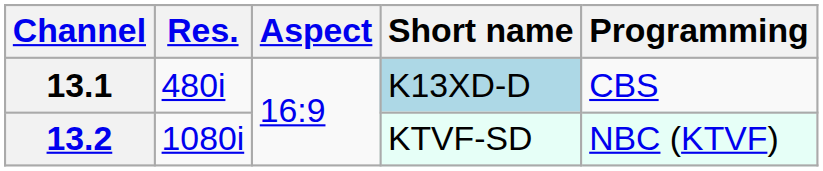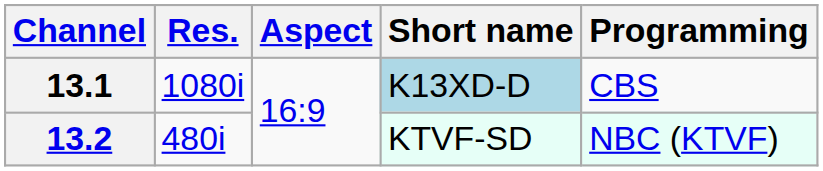 <table class="wikitable">
 <tr>
 <th><a href='#'>Channel</a></th>
 <th><a href='#'>Res.</a></th>
 <th><a href='#'>Aspect</a></th>
 <th>Short name</th>
 <th>Programming</th>
 </tr>
 <tr>
 <th scope = "row">13.1</th>
-<td><a href='#'>480i</a></td>
+<td><a href='#'>1080i</a></td>
 <td rowspan=2><a href='#'>16:9</a></td>
 <td style="background: lightblue;">K13XD-D</td>
 <td><a href='#'>CBS</a></td>
 </tr>
 <tr>
 <th scope = "row"><a href='#'>13.2</a></th>
-<td><a href='#'>1080i</a></td>
+<td><a href='#'>480i</a></td>
 <td style="background-color: #E6FFF7;">KTVF-SD</td>
 <td style="background-color: #E6FFF7;"><a href='#'>NBC</a> (<a href='#'>KTVF</a>)</td>
 </tr>
 </table>
